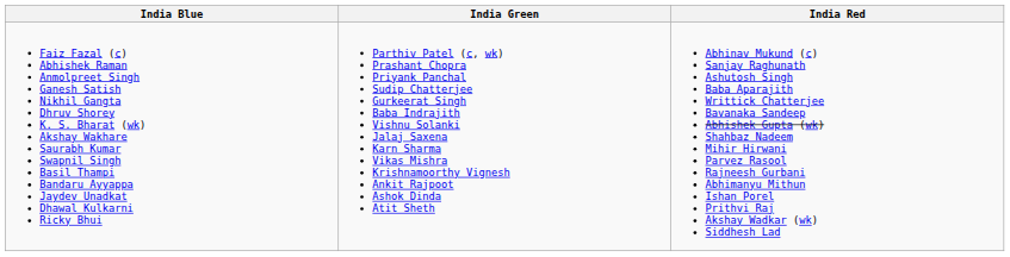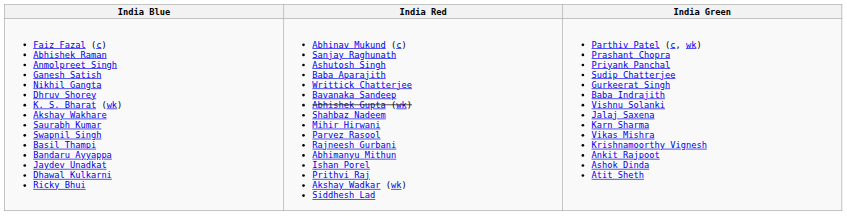 <table class="wikitable">
 <tr>
 <th style="width:15%;">India Blue</th>
+<th style="width:15%;">India Red</th>
 <th style="width:15%;">India Green</th>
-<th style="width:15%;">India Red</th>
 </tr>
 <tr style="vertical-align:top">
 <td><br><ul><li><a href='#'>Faiz Fazal</a> (<a href='#'>c</a>)</li><li><a href='#'>Abhishek Raman</a></li><li><a href='#'>Anmolpreet Singh</a></li><li><a href='#'>Ganesh Satish</a></li><li><a href='#'>Nikhil Gangta</a></li><li><a href='#'>Dhruv Shorey</a></li><li><a href='#'>K. S. Bharat</a> (<a href='#'>wk</a>)</li><li><a href='#'>Akshay Wakhare</a></li><li><a href='#'>Saurabh Kumar</a></li><li><a href='#'>Swapnil Singh</a></li><li><a href='#'>Basil Thampi</a></li><li><a href='#'>Bandaru Ayyappa</a></li><li><a href='#'>Jaydev Unadkat</a></li><li><a href='#'>Dhawal Kulkarni</a></li><li><a href='#'>Ricky Bhui</a></li></ul></td>
+<td><br><ul><li><a href='#'>Abhinav Mukund</a> (<a href='#'>c</a>)</li><li><a href='#'>Sanjay Raghunath</a></li><li><a href='#'>Ashutosh Singh</a></li><li><a href='#'>Baba Aparajith</a></li><li><a href='#'>Writtick Chatterjee</a></li><li><a href='#'>Bavanaka Sandeep</a></li><li><s><a href='#'>Abhishek Gupta</a> (<a href='#'>wk</a>)</s></li><li><a href='#'>Shahbaz Nadeem</a></li><li><a href='#'>Mihir Hirwani</a></li><li><a href='#'>Parvez Rasool</a></li><li><a href='#'>Rajneesh Gurbani</a></li><li><a href='#'>Abhimanyu Mithun</a></li><li><a href='#'>Ishan Porel</a></li><li><a href='#'>Prithvi Raj</a></li><li><a href='#'>Akshay Wadkar</a> (<a href='#'>wk</a>)</li><li><a href='#'>Siddhesh Lad</a></li></ul></td>
 <td><br><ul><li><a href='#'>Parthiv Patel</a> (<a href='#'>c</a>, <a href='#'>wk</a>)</li><li><a href='#'>Prashant Chopra</a></li><li><a href='#'>Priyank Panchal</a></li><li><a href='#'>Sudip Chatterjee</a></li><li><a href='#'>Gurkeerat Singh</a></li><li><a href='#'>Baba Indrajith</a></li><li><a href='#'>Vishnu Solanki</a></li><li><a href='#'>Jalaj Saxena</a></li><li><a href='#'>Karn Sharma</a></li><li><a href='#'>Vikas Mishra</a></li><li><a href='#'>Krishnamoorthy Vignesh</a></li><li><a href='#'>Ankit Rajpoot</a></li><li><a href='#'>Ashok Dinda</a></li><li><a href='#'>Atit Sheth</a></li></ul></td>
-<td><br><ul><li><a href='#'>Abhinav Mukund</a> (<a href='#'>c</a>)</li><li><a href='#'>Sanjay Raghunath</a></li><li><a href='#'>Ashutosh Singh</a></li><li><a href='#'>Baba Aparajith</a></li><li><a href='#'>Writtick Chatterjee</a></li><li><a href='#'>Bavanaka Sandeep</a></li><li><s><a href='#'>Abhishek Gupta</a> (<a href='#'>wk</a>)</s></li><li><a href='#'>Shahbaz Nadeem</a></li><li><a href='#'>Mihir Hirwani</a></li><li><a href='#'>Parvez Rasool</a></li><li><a href='#'>Rajneesh Gurbani</a></li><li><a href='#'>Abhimanyu Mithun</a></li><li><a href='#'>Ishan Porel</a></li><li><a href='#'>Prithvi Raj</a></li><li><a href='#'>Akshay Wadkar</a> (<a href='#'>wk</a>)</li><li><a href='#'>Siddhesh Lad</a></li></ul></td>
 </tr>
 </table>
